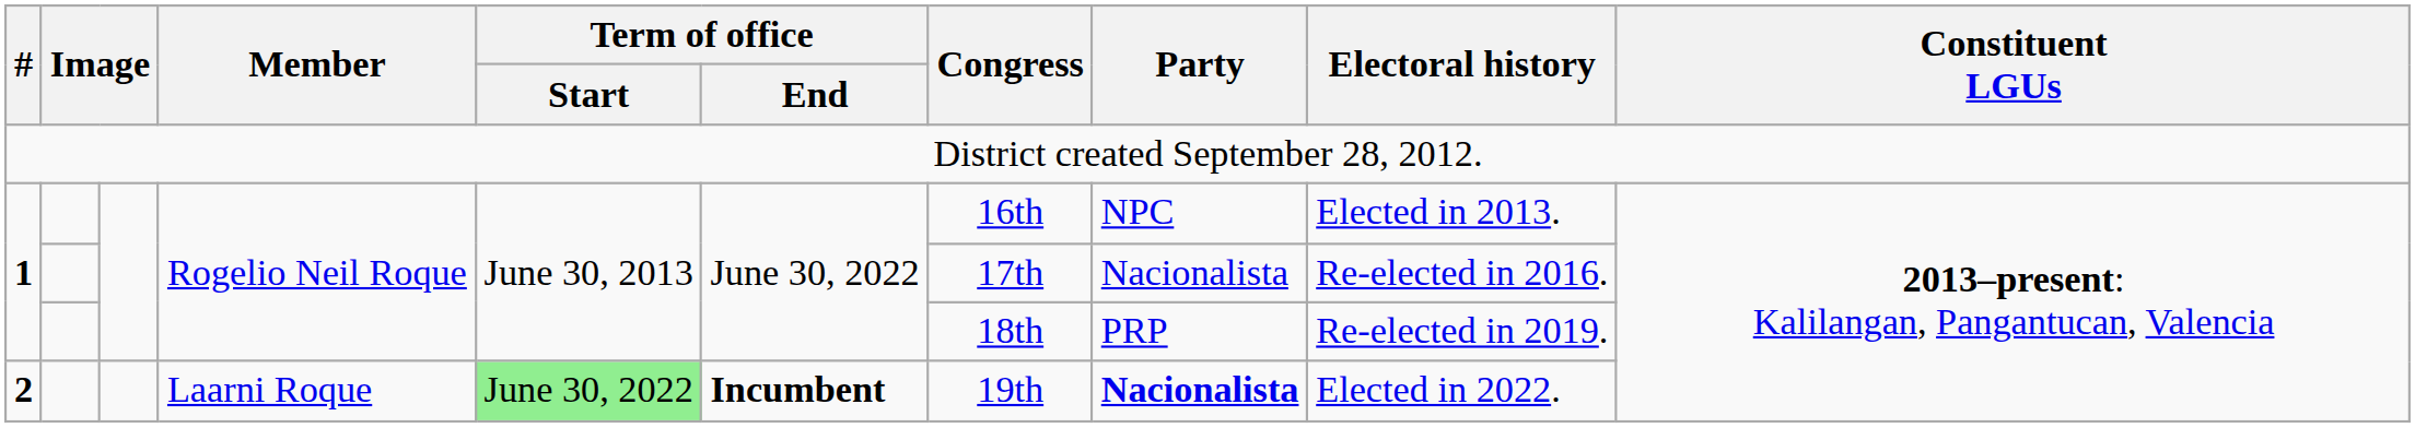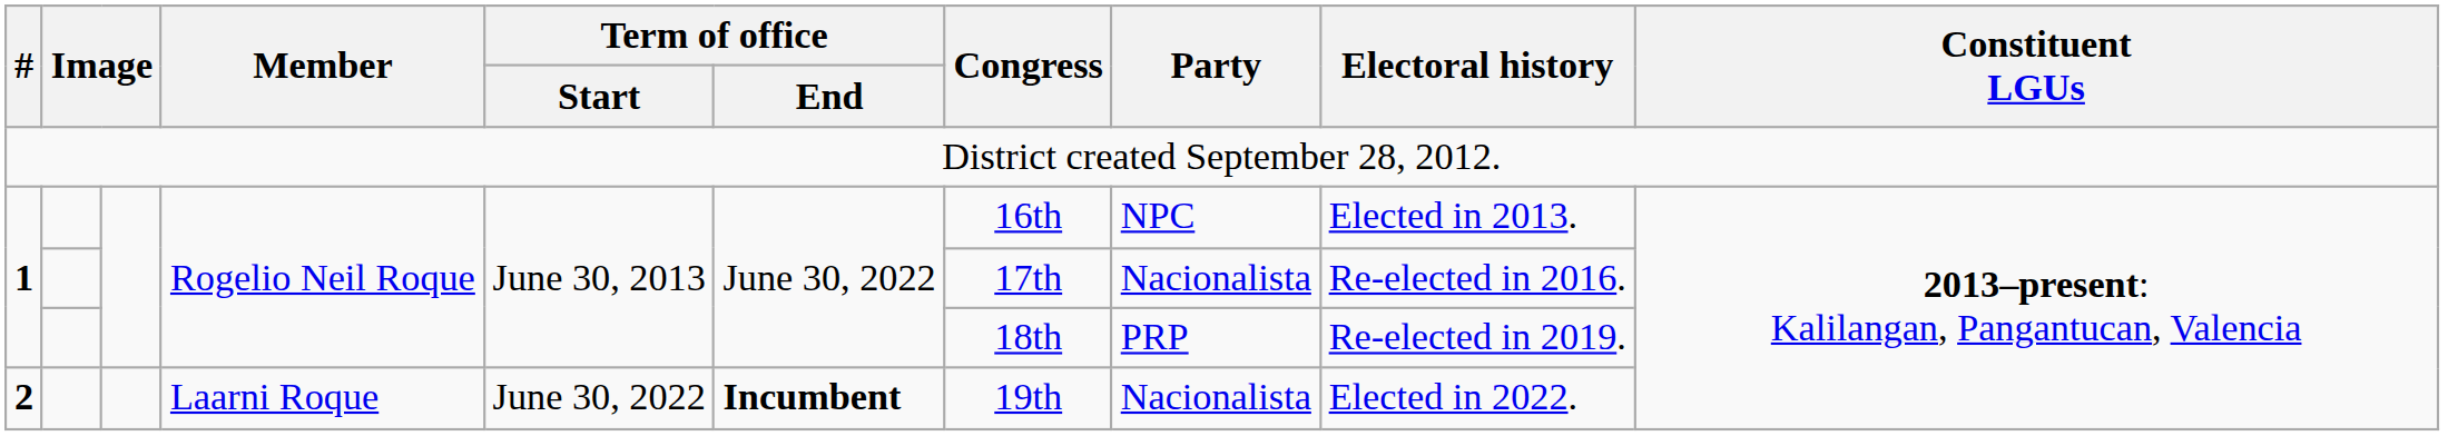 <table class="wikitable">
 <tr>
 <th rowspan="2">#</th>
 <th colspan="2" rowspan="2">Image</th>
 <th rowspan="2">Member</th>
 <th colspan="2">Term of office</th>
 <th rowspan="2">Congress</th>
 <th rowspan="2">Party</th>
 <th rowspan="2">Electoral history</th>
 <th rowspan="2" width="33%">Constituent<br><a href='#'>LGUs</a></th>
 </tr>
 <tr>
 <th>Start</th>
 <th>End</th>
 </tr>
 <tr>
 <td colspan="10" style="text-align:center;">District created September 28, 2012.</td>
 </tr>
 <tr>
 <td rowspan="3"><strong>1</strong></td>
 <td style="color:inherit;background:"></td>
 <td rowspan="3"></td>
 <td rowspan="3"><a href='#'>Rogelio Neil  Roque</a></td>
 <td rowspan="3">June 30, 2013</td>
 <td rowspan="3">June 30, 2022</td>
 <td style="text-align:center;"><a href='#'>16th</a></td>
 <td><a href='#'>NPC</a></td>
 <td><a href='#'>Elected in 2013</a>.</td>
 <td rowspan="4" style="text-align:center;"><strong>2013–present</strong>:<br><a href='#'>Kalilangan</a>, <a href='#'>Pangantucan</a>, <a href='#'>Valencia</a></td>
 </tr>
 <tr>
 <td style="color:inherit;background:"></td>
 <td style="text-align:center;"><a href='#'>17th</a></td>
 <td><a href='#'>Nacionalista</a></td>
 <td><a href='#'>Re-elected in 2016</a>.</td>
 </tr>
 <tr>
 <td style="color:inherit;background:"></td>
 <td style="text-align:center;"><a href='#'>18th</a></td>
 <td><a href='#'>PRP</a></td>
 <td><a href='#'>Re-elected in 2019</a>.</td>
 </tr>
 <tr>
 <td style="text-align:center;"><strong>2</strong></td>
 <td style="color:inherit;background:"></td>
 <td></td>
 <td><a href='#'>Laarni Roque</a></td>
-<td style="background: lightgreen;">June 30, 2022</td>
+<td>June 30, 2022</td>
 <td><strong>Incumbent</strong></td>
 <td style="text-align:center;"><a href='#'>19th</a></td>
-<td><strong><a href='#'>Nacionalista</a></strong></td>
+<td><a href='#'>Nacionalista</a></td>
 <td><a href='#'>Elected in 2022</a>.</td>
 </tr>
 </table>
